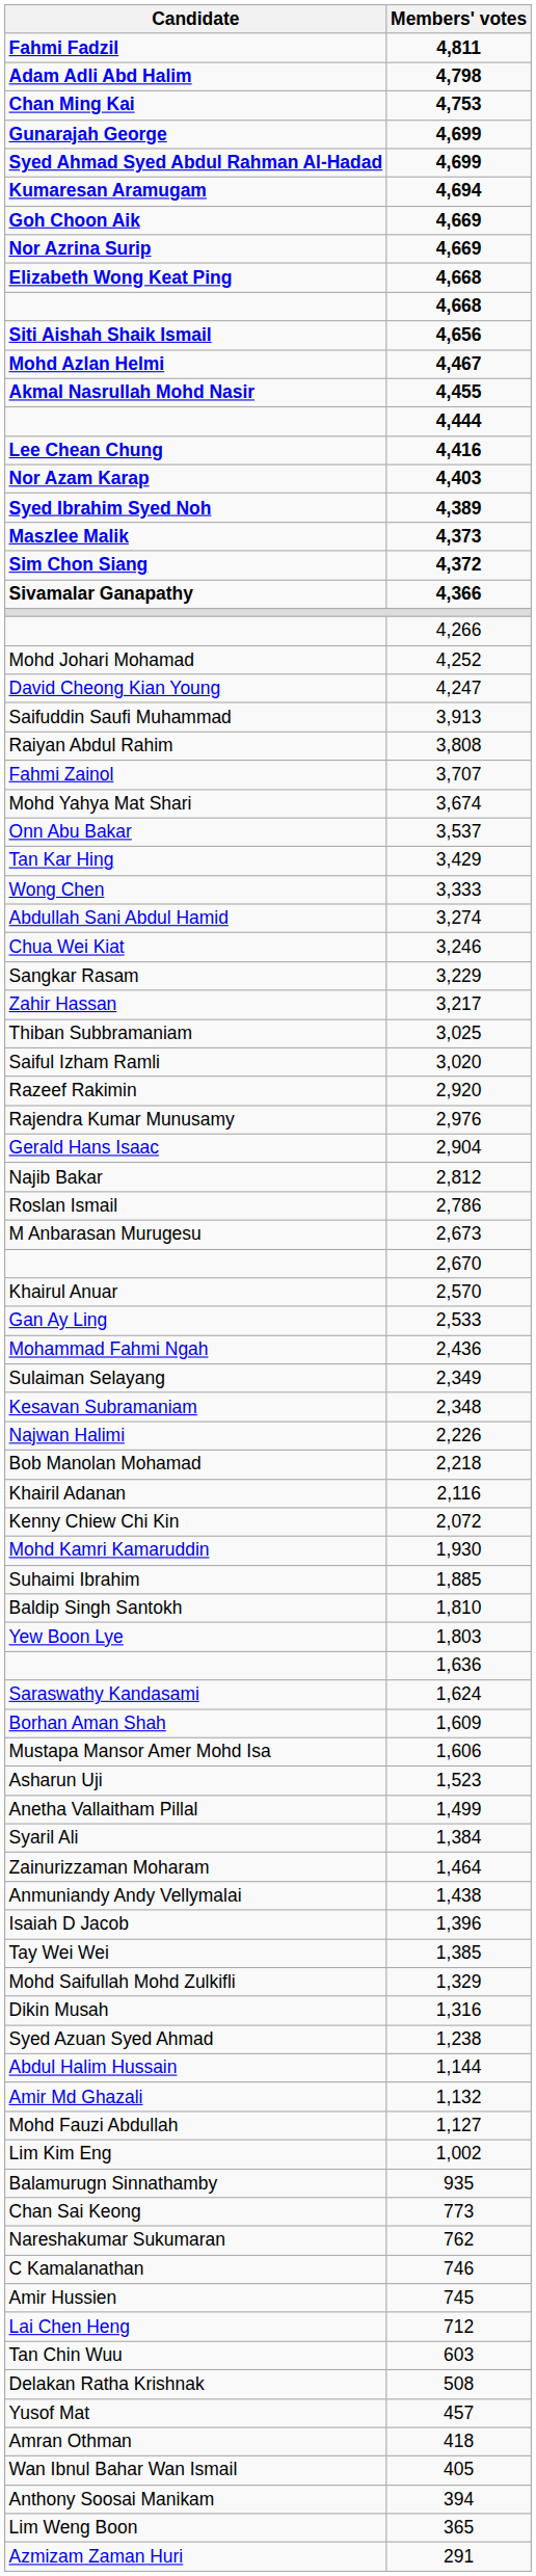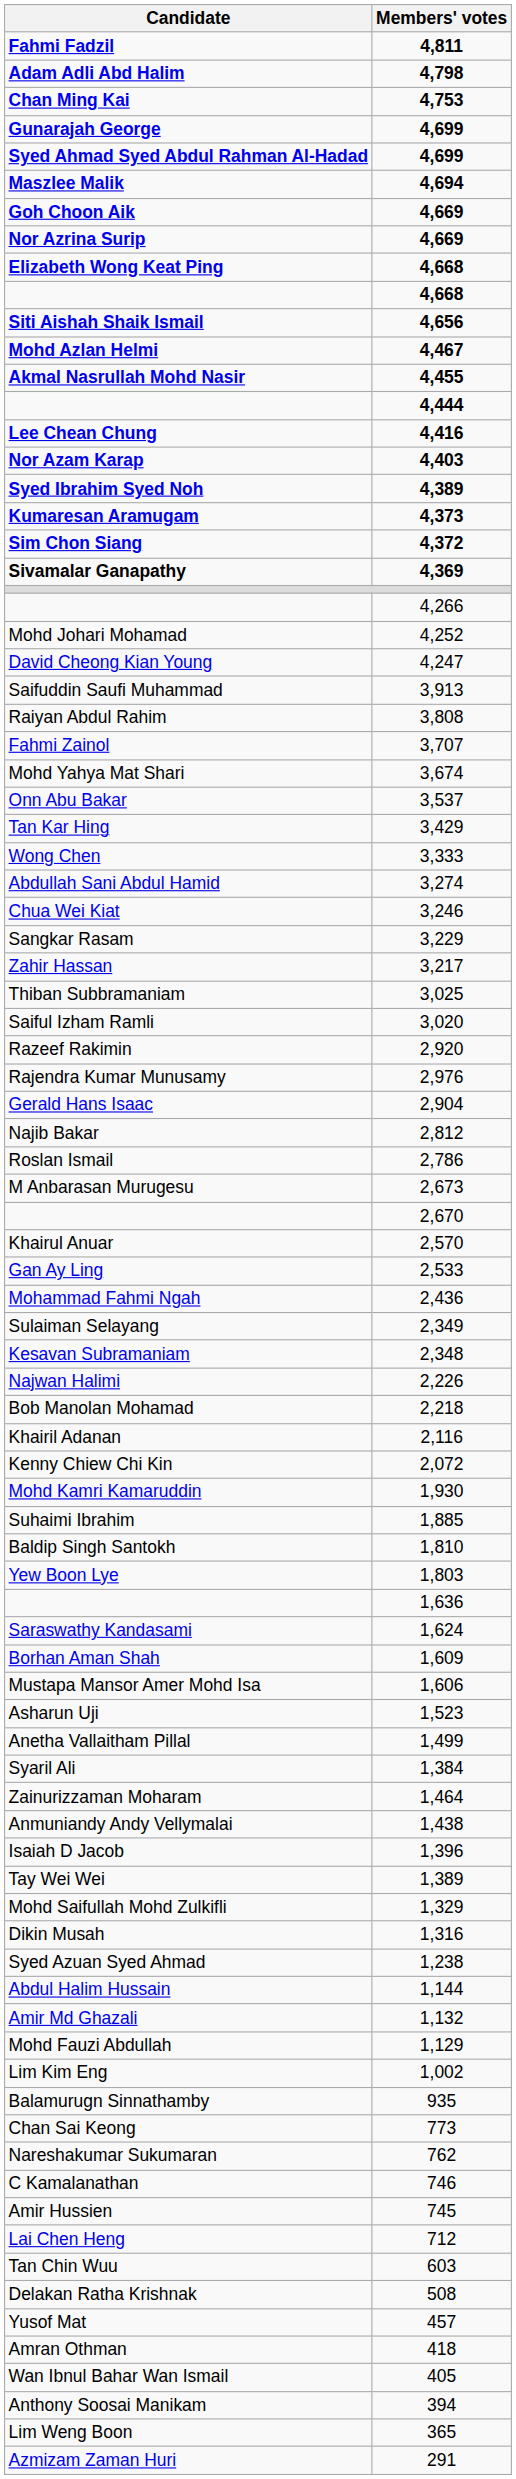 <table class="wikitable" style="text-align:center">
 <tr>
 <th>Candidate</th>
 <th>Members' votes</th>
 </tr>
 <tr>
 <td align="left"><a href='#'><strong>Fahmi Fadzil</strong></a></td>
 <td><strong>4,811</strong></td>
 </tr>
 <tr>
 <td align=left><a href='#'><strong>Adam Adli Abd Halim</strong></a></td>
 <td><strong>4,798</strong></td>
 </tr>
 <tr>
 <td align="left"><a href='#'><strong>Chan Ming Kai</strong></a></td>
 <td><strong>4,753</strong></td>
 </tr>
 <tr>
 <td align="left"><a href='#'><strong>Gunarajah George</strong></a></td>
 <td><strong>4,699</strong></td>
 </tr>
 <tr>
 <td align="left"><a href='#'><strong>Syed Ahmad Syed Abdul Rahman Al-Hadad</strong></a></td>
 <td><strong>4,699</strong></td>
 </tr>
 <tr>
-<td align="left"><a href='#'><strong>Kumaresan Aramugam</strong></a></td>
+<td align=left><a href='#'><strong>Maszlee Malik</strong></a></td>
 <td><strong>4,694</strong></td>
 </tr>
 <tr>
 <td align="left"><a href='#'><strong>Goh Choon Aik</strong></a></td>
 <td><strong>4,669</strong></td>
 </tr>
 <tr>
 <td align="left"><a href='#'><strong>Nor Azrina Surip</strong></a></td>
 <td><strong>4,669</strong></td>
 </tr>
 <tr>
 <td align="left"><a href='#'><strong>Elizabeth Wong Keat Ping</strong></a></td>
 <td><strong>4,668</strong></td>
 </tr>
 <tr>
 <td align="left"><strong></strong></td>
 <td><strong>4,668</strong></td>
 </tr>
 <tr>
 <td align="left"><a href='#'><strong>Siti Aishah Shaik Ismail</strong></a></td>
 <td><strong>4,656</strong></td>
 </tr>
 <tr>
 <td align="left"><a href='#'><strong>Mohd Azlan Helmi</strong></a></td>
 <td><strong>4,467</strong></td>
 </tr>
 <tr>
 <td align="left"><a href='#'><strong>Akmal Nasrullah Mohd Nasir</strong></a></td>
 <td><strong>4,455</strong></td>
 </tr>
 <tr>
 <td align="left"><strong></strong></td>
 <td><strong>4,444</strong></td>
 </tr>
 <tr>
 <td align="left"><a href='#'><strong>Lee Chean Chung</strong></a></td>
 <td><strong>4,416</strong></td>
 </tr>
 <tr>
 <td align="left"><strong><a href='#'>Nor Azam Karap</a></strong></td>
 <td><strong>4,403</strong></td>
 </tr>
 <tr>
 <td align="left"><a href='#'><strong>Syed Ibrahim Syed Noh</strong></a></td>
 <td><strong>4,389</strong></td>
 </tr>
 <tr>
-<td align=left><a href='#'><strong>Maszlee Malik</strong></a></td>
+<td align="left"><a href='#'><strong>Kumaresan Aramugam</strong></a></td>
 <td><strong>4,373</strong></td>
 </tr>
 <tr>
 <td align="left"><a href='#'><strong>Sim Chon Siang</strong></a></td>
 <td><strong>4,372</strong></td>
 </tr>
 <tr>
 <td align="left"><strong>Sivamalar Ganapathy</strong></td>
-<td><strong>4,366</strong></td>
+<td><strong>4,369</strong></td>
 </tr>
 <tr>
 <td colspan="2" bgcolor="dcdcdc"></td>
 </tr>
 <tr>
 <td align="left"></td>
 <td>4,266</td>
 </tr>
 <tr>
 <td align="left">Mohd Johari Mohamad</td>
 <td>4,252</td>
 </tr>
 <tr>
 <td align="left"><a href='#'>David Cheong Kian Young</a></td>
 <td>4,247</td>
 </tr>
 <tr>
 <td align="left">Saifuddin Saufi Muhammad</td>
 <td>3,913</td>
 </tr>
 <tr>
 <td align="left">Raiyan Abdul Rahim</td>
 <td>3,808</td>
 </tr>
 <tr>
 <td align="left"><a href='#'>Fahmi Zainol</a></td>
 <td>3,707</td>
 </tr>
 <tr>
 <td align="left">Mohd Yahya Mat Shari</td>
 <td>3,674</td>
 </tr>
 <tr>
 <td align=left><a href='#'>Onn Abu Bakar</a></td>
 <td>3,537</td>
 </tr>
 <tr>
 <td align="left"><a href='#'>Tan Kar Hing</a></td>
 <td>3,429</td>
 </tr>
 <tr>
 <td align="left"><a href='#'>Wong Chen</a></td>
 <td>3,333</td>
 </tr>
 <tr>
 <td align="left"><a href='#'>Abdullah Sani Abdul Hamid</a></td>
 <td>3,274</td>
 </tr>
 <tr>
 <td align="left"><a href='#'>Chua Wei Kiat</a></td>
 <td>3,246</td>
 </tr>
 <tr>
 <td align="left">Sangkar Rasam</td>
 <td>3,229</td>
 </tr>
 <tr>
 <td align="left"><a href='#'>Zahir Hassan</a></td>
 <td>3,217</td>
 </tr>
 <tr>
 <td align="left">Thiban Subbramaniam</td>
 <td>3,025</td>
 </tr>
 <tr>
 <td align="left">Saiful Izham Ramli</td>
 <td>3,020</td>
 </tr>
 <tr>
 <td align="left">Razeef Rakimin</td>
 <td>2,920</td>
 </tr>
 <tr>
 <td align="left">Rajendra Kumar Munusamy</td>
 <td>2,976</td>
 </tr>
 <tr>
 <td align="left"><a href='#'>Gerald Hans Isaac</a></td>
 <td>2,904</td>
 </tr>
 <tr>
 <td align="left">Najib Bakar</td>
 <td>2,812</td>
 </tr>
 <tr>
 <td align="left">Roslan Ismail</td>
 <td>2,786</td>
 </tr>
 <tr>
 <td align="left">M Anbarasan Murugesu</td>
 <td>2,673</td>
 </tr>
 <tr>
 <td align="left"></td>
 <td>2,670</td>
 </tr>
 <tr>
 <td align="left">Khairul Anuar</td>
 <td>2,570</td>
 </tr>
 <tr>
 <td align="left"><a href='#'>Gan Ay Ling</a></td>
 <td>2,533</td>
 </tr>
 <tr>
 <td align="left"><a href='#'>Mohammad Fahmi Ngah</a></td>
 <td>2,436</td>
 </tr>
 <tr>
 <td align="left">Sulaiman Selayang</td>
 <td>2,349</td>
 </tr>
 <tr>
 <td align="left"><a href='#'>Kesavan Subramaniam</a></td>
 <td>2,348</td>
 </tr>
 <tr>
 <td align="left"><a href='#'>Najwan Halimi</a></td>
 <td>2,226</td>
 </tr>
 <tr>
 <td align="left">Bob Manolan Mohamad</td>
 <td>2,218</td>
 </tr>
 <tr>
 <td align="left">Khairil Adanan</td>
 <td>2,116</td>
 </tr>
 <tr>
 <td align="left">Kenny Chiew Chi Kin</td>
 <td>2,072</td>
 </tr>
 <tr>
 <td align="left"><a href='#'>Mohd Kamri Kamaruddin</a></td>
 <td>1,930</td>
 </tr>
 <tr>
 <td align="left">Suhaimi Ibrahim</td>
 <td>1,885</td>
 </tr>
 <tr>
 <td align="left">Baldip Singh Santokh</td>
 <td>1,810</td>
 </tr>
 <tr>
 <td align="left"><a href='#'>Yew Boon Lye</a></td>
 <td>1,803</td>
 </tr>
 <tr>
 <td align="left"></td>
 <td>1,636</td>
 </tr>
 <tr>
 <td align="left"><a href='#'>Saraswathy Kandasami</a></td>
 <td>1,624</td>
 </tr>
 <tr>
 <td align="left"><a href='#'>Borhan Aman Shah</a></td>
 <td>1,609</td>
 </tr>
 <tr>
 <td align="left">Mustapa Mansor Amer Mohd Isa</td>
 <td>1,606</td>
 </tr>
 <tr>
 <td align="left">Asharun Uji</td>
 <td>1,523</td>
 </tr>
 <tr>
 <td align="left">Anetha Vallaitham Pillal</td>
 <td>1,499</td>
 </tr>
 <tr>
 <td align="left">Syaril Ali</td>
 <td>1,384</td>
 </tr>
 <tr>
 <td align="left">Zainurizzaman Moharam</td>
 <td>1,464</td>
 </tr>
 <tr>
 <td align="left">Anmuniandy Andy Vellymalai</td>
 <td>1,438</td>
 </tr>
 <tr>
 <td align="left">Isaiah D Jacob</td>
 <td>1,396</td>
 </tr>
 <tr>
 <td align="left">Tay Wei Wei</td>
-<td>1,385</td>
+<td>1,389</td>
 </tr>
 <tr>
 <td align="left">Mohd Saifullah Mohd Zulkifli</td>
 <td>1,329</td>
 </tr>
 <tr>
 <td align="left">Dikin Musah</td>
 <td>1,316</td>
 </tr>
 <tr>
 <td align="left">Syed Azuan Syed Ahmad</td>
 <td>1,238</td>
 </tr>
 <tr>
 <td align="left"><a href='#'>Abdul Halim Hussain</a></td>
 <td>1,144</td>
 </tr>
 <tr>
 <td align="left"><a href='#'>Amir Md Ghazali</a></td>
 <td>1,132</td>
 </tr>
 <tr>
 <td align="left">Mohd Fauzi Abdullah</td>
-<td>1,127</td>
+<td>1,129</td>
 </tr>
 <tr>
 <td align="left">Lim Kim Eng</td>
 <td>1,002</td>
 </tr>
 <tr>
 <td align="left">Balamurugn Sinnathamby</td>
 <td>935</td>
 </tr>
 <tr>
 <td align="left">Chan Sai Keong</td>
 <td>773</td>
 </tr>
 <tr>
 <td align="left">Nareshakumar Sukumaran</td>
 <td>762</td>
 </tr>
 <tr>
 <td align="left">C Kamalanathan</td>
 <td>746</td>
 </tr>
 <tr>
 <td align="left">Amir Hussien</td>
 <td>745</td>
 </tr>
 <tr>
 <td align="left"><a href='#'>Lai Chen Heng</a></td>
 <td>712</td>
 </tr>
 <tr>
 <td align="left">Tan Chin Wuu</td>
 <td>603</td>
 </tr>
 <tr>
 <td align="left">Delakan Ratha Krishnak</td>
 <td>508</td>
 </tr>
 <tr>
 <td align="left">Yusof Mat</td>
 <td>457</td>
 </tr>
 <tr>
 <td align="left">Amran Othman</td>
 <td>418</td>
 </tr>
 <tr>
 <td align="left">Wan Ibnul Bahar Wan Ismail</td>
 <td>405</td>
 </tr>
 <tr>
 <td align="left">Anthony Soosai Manikam</td>
 <td>394</td>
 </tr>
 <tr>
 <td align="left">Lim Weng Boon</td>
 <td>365</td>
 </tr>
 <tr>
 <td align="left"><a href='#'>Azmizam Zaman Huri</a></td>
 <td>291</td>
 </tr>
 </table>
